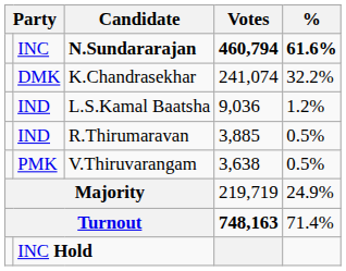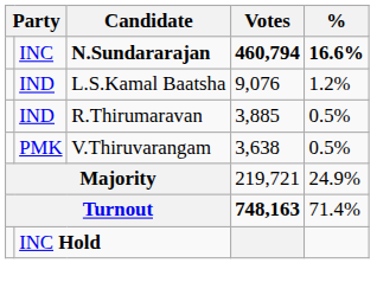 <table class="wikitable">
 <tr>
 <th colspan="2">Party</th>
 <th>Candidate</th>
 <th>Votes</th>
 <th>%</th>
 </tr>
 <tr>
 <td></td>
 <td><a href='#'>INC</a></td>
 <td><strong>N.Sundararajan</strong></td>
 <td><strong>460,794</strong></td>
-<td><strong>61.6%</strong></td>
-</tr>
-<tr>
-<td></td>
-<td><a href='#'>DMK</a></td>
-<td>K.Chandrasekhar</td>
-<td>241,074</td>
-<td>32.2%</td>
+<td><strong>16.6%</strong></td>
 </tr>
 <tr>
 <td></td>
 <td><a href='#'>IND</a></td>
 <td>L.S.Kamal Baatsha</td>
-<td>9,036</td>
+<td>9,076</td>
 <td>1.2%</td>
 </tr>
 <tr>
 <td></td>
 <td><a href='#'>IND</a></td>
 <td>R.Thirumaravan</td>
 <td>3,885</td>
 <td>0.5%</td>
 </tr>
 <tr>
 <td></td>
 <td><a href='#'>PMK</a></td>
 <td>V.Thiruvarangam</td>
 <td>3,638</td>
 <td>0.5%</td>
 </tr>
 <tr>
 <th colspan="3">Majority</th>
-<td>219,719</td>
+<td>219,721</td>
 <td>24.9%</td>
 </tr>
 <tr>
 <th colspan="3"><a href='#'>Turnout</a></th>
 <td><strong>748,163</strong></td>
 <td>71.4%</td>
 </tr>
 <tr>
 <td></td>
 <td colspan="2"><a href='#'>INC</a> <strong>Hold</strong></td>
 <th></th>
 <td></td>
 </tr>
 </table>
